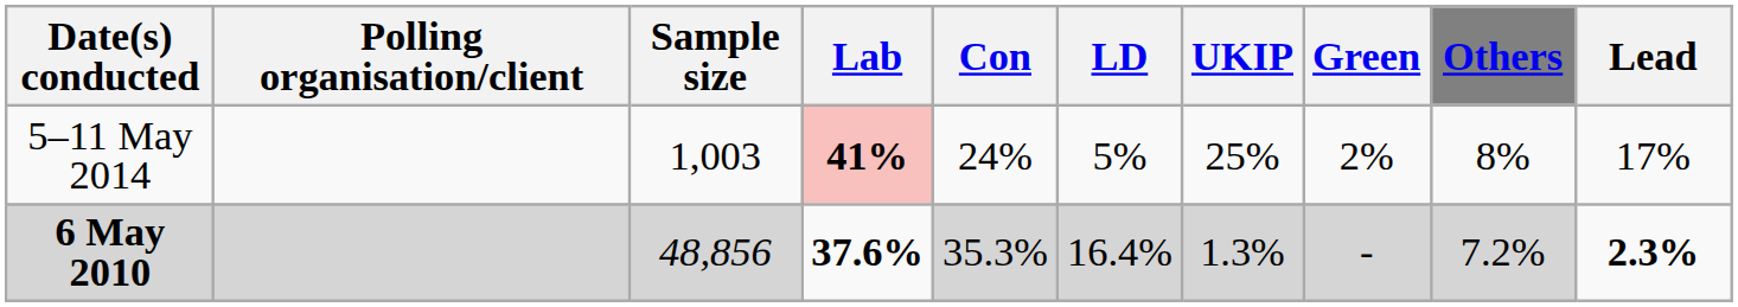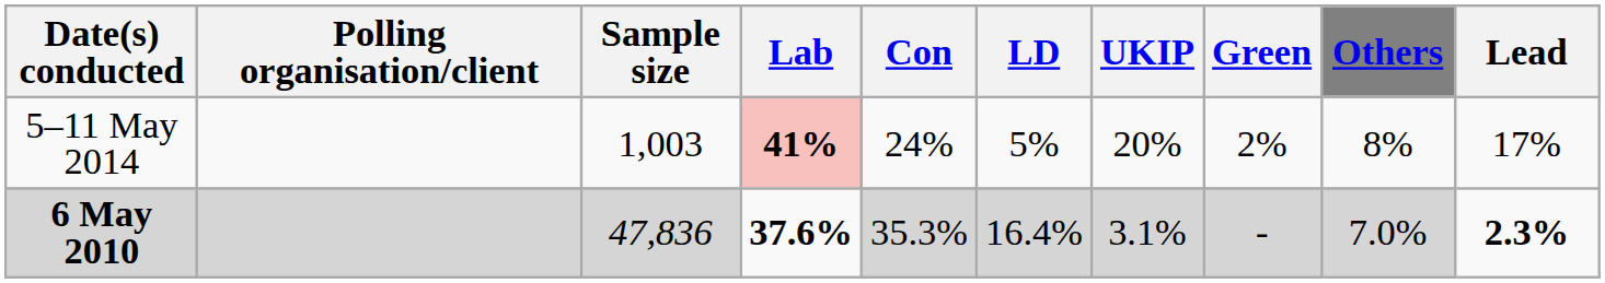 <table class="wikitable sortable" style="text-align:center;font-size:90%;line-height:14px">
 <tr>
 <th ! style="width:75px;">Date(s)<br>conducted</th>
 <th style="width:200px;">Polling organisation/client</th>
 <th class="unsortable" style="width:75px;">Sample size</th>
 <th class="unsortable" style="background:"><a href='#'><span>Lab</span></a></th>
 <th class="unsortable" style="background:"><a href='#'><span>Con</span></a></th>
 <th class="unsortable" style="background:"><a href='#'><span>LD</span></a></th>
 <th class="unsortable" style="background:"><a href='#'><span>UKIP</span></a></th>
 <th class="unsortable" style="background:"><a href='#'><span>Green</span></a></th>
 <th class="unsortable" style="background:gray; width:50px;"><a href='#'><span>Others</span></a></th>
 <th class="unsortable" style="width:85px;">Lead</th>
 </tr>
 <tr>
 <td>5–11 May 2014</td>
 <td></td>
 <td>1,003</td>
 <td style="background:#F8C1BE"><strong>41%</strong></td>
 <td>24%</td>
 <td>5%</td>
-<td>25%</td>
+<td>20%</td>
 <td>2%</td>
 <td>8%</td>
 <td style="background:">17%</td>
 </tr>
 <tr>
 <td style="background:#D5D5D5"><strong>6 May 2010</strong></td>
 <td style="background:#D5D5D5"></td>
-<td style="background:#D5D5D5"><em>48,856</em></td>
+<td style="background:#D5D5D5"><em>47,836</em></td>
 <td style="background:"><strong>37.6%</strong></td>
 <td style="background:#D5D5D5">35.3%</td>
 <td style="background:#D5D5D5">16.4%</td>
-<td style="background:#D5D5D5">1.3%</td>
+<td style="background:#D5D5D5">3.1%</td>
 <td style="background:#D5D5D5">-</td>
-<td style="background:#D5D5D5">7.2%</td>
+<td style="background:#D5D5D5">7.0%</td>
 <td style="background:"><strong>2.3% </strong></td>
 </tr>
 </table>
